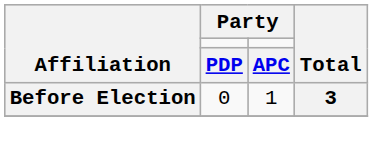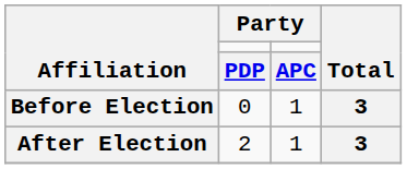 <table class=wikitable style="text-align:center">
 <tr style="vertical-align:bottom;">
 <th rowspan=3>Affiliation</th>
 <th colspan=2>Party</th>
 <th rowspan=3>Total</th>
 </tr>
 <tr>
 <td style="background-color:"></td>
 <td style="background-color:"></td>
 </tr>
 <tr>
 <th><a href='#'>PDP</a></th>
 <th><a href='#'>APC</a></th>
 </tr>
 <tr>
 <th>Before Election</th>
 <td>0</td>
 <td>1</td>
 <th>3</th>
 </tr>
 <tr>
+<th>After Election</th>
+<td>2</td>
+<td>1</td>
+<th>3</th>
+</tr>
+<tr>
 </tr>
 </table>
